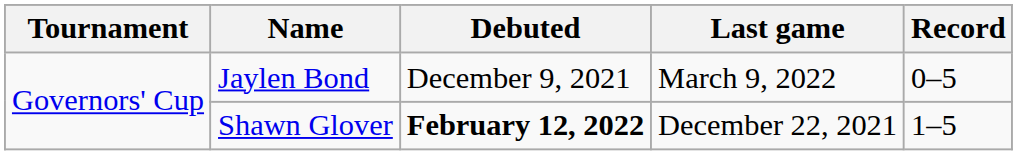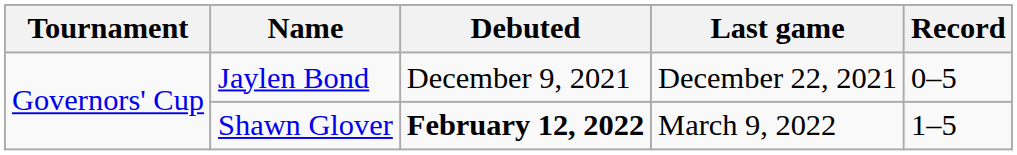 <table class="wikitable">
 <tr>
 <th>Tournament</th>
 <th>Name</th>
 <th>Debuted</th>
 <th>Last game</th>
 <th>Record</th>
 </tr>
 <tr>
 <td rowspan=2><a href='#'>Governors' Cup</a></td>
 <td><a href='#'>Jaylen Bond</a></td>
 <td>December 9, 2021 </td>
-<td>March 9, 2022 </td>
+<td>December 22, 2021 </td>
 <td>0–5</td>
 </tr>
 <tr>
 <td><a href='#'>Shawn Glover</a></td>
 <td><strong>February 12, 2022 </strong></td>
-<td>December 22, 2021 </td>
+<td>March 9, 2022 </td>
 <td>1–5</td>
 </tr>
 </table>
